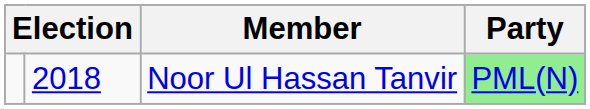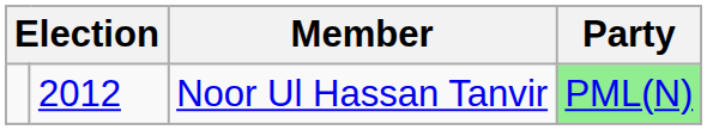 <table class="wikitable">
 <tr>
 <th colspan="2">Election</th>
 <th>Member</th>
 <th>Party</th>
 </tr>
 <tr>
 <td style="background-color: "></td>
-<td><a href='#'>2018</a></td>
+<td><a href='#'>2012</a></td>
 <td><a href='#'>Noor Ul Hassan Tanvir</a></td>
 <td style="background: lightgreen;"><a href='#'>PML(N)</a></td>
 </tr>
 </table>
